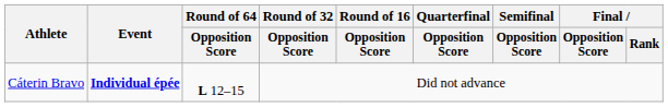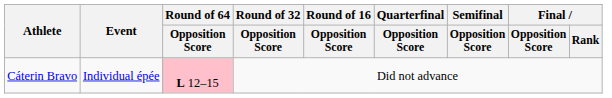 <table class="wikitable" style="font-size:90%">
 <tr>
 <th rowspan="2">Athlete</th>
 <th rowspan="2">Event</th>
 <th>Round of 64</th>
 <th>Round of 32</th>
 <th>Round of 16</th>
 <th>Quarterfinal</th>
 <th>Semifinal</th>
 <th colspan=2>Final / </th>
 </tr>
 <tr style="font-size:95%">
 <th>Opposition <br> Score</th>
 <th>Opposition <br> Score</th>
 <th>Opposition <br> Score</th>
 <th>Opposition <br> Score</th>
 <th>Opposition <br> Score</th>
 <th>Opposition <br> Score</th>
 <th>Rank</th>
 </tr>
 <tr align=center>
 <td align=left><a href='#'>Cáterin Bravo</a></td>
-<td align=left><strong><a href='#'>Individual épée</a></strong></td>
-<td><br><strong>L</strong> 12–15</td>
+<td align=left><a href='#'>Individual épée</a></td>
+<td style="background: pink;"><br><strong>L</strong> 12–15</td>
 <td colspan=6>Did not advance</td>
 </tr>
 </table>
